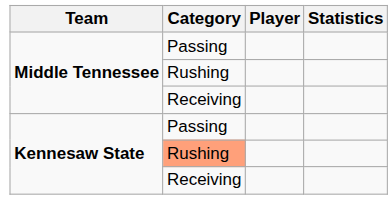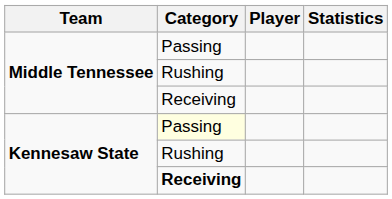 <table class="wikitable" style="float: right;">
 <tr>
 <th>Team</th>
 <th>Category</th>
 <th>Player</th>
 <th>Statistics</th>
 </tr>
 <tr>
 <td rowspan=3><strong>Middle Tennessee</strong></td>
 <td>Passing</td>
 <td></td>
 <td></td>
 </tr>
 <tr>
 <td>Rushing</td>
 <td></td>
 <td></td>
 </tr>
 <tr>
 <td>Receiving</td>
 <td></td>
 <td></td>
 </tr>
 <tr>
 <td rowspan=3><strong>Kennesaw State</strong></td>
-<td>Passing</td>
+<td style="background: lightyellow;">Passing</td>
 <td></td>
 <td></td>
 </tr>
 <tr>
-<td style="background: lightsalmon;">Rushing</td>
+<td>Rushing</td>
 <td></td>
 <td></td>
 </tr>
 <tr>
-<td>Receiving</td>
+<td><strong>Receiving</strong></td>
 <td></td>
 <td></td>
 </tr>
 </table>
